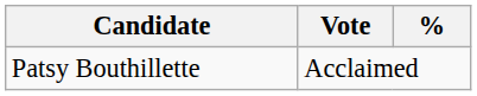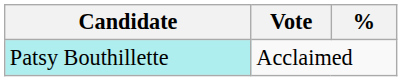 <table class="wikitable">
 <tr>
 <th bgcolor="#DDDDFF" width="170px">Candidate</th>
 <th bgcolor="#DDDDFF" width="50px">Vote</th>
 <th bgcolor="#DDDDFF" width="40px">%</th>
 </tr>
 <tr>
-<td>Patsy Bouthillette</td>
+<td style="background: paleturquoise;">Patsy Bouthillette</td>
 <td colspan="2">Acclaimed</td>
 </tr>
 </table>
